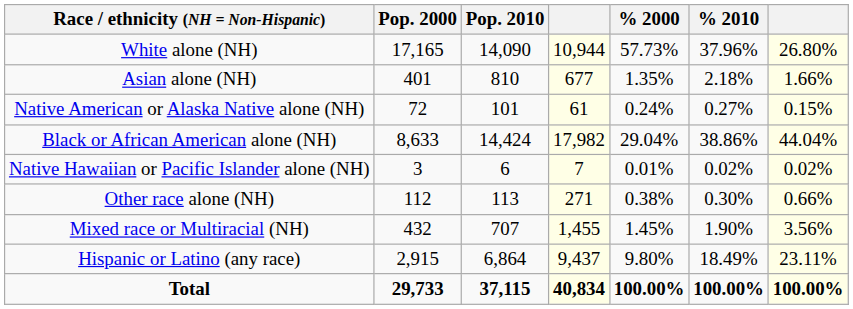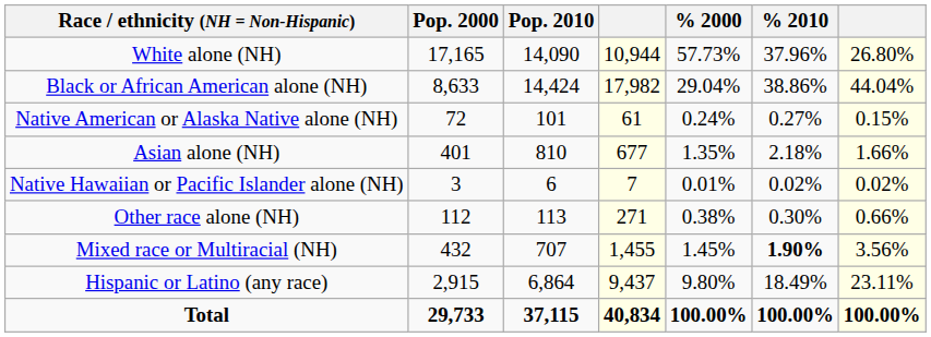 <table class="wikitable" style="text-align:center;">
 <tr>
 <th>Race / ethnicity <small>(<em>NH = Non-Hispanic</em>)</small></th>
 <th>Pop. 2000</th>
 <th>Pop. 2010</th>
 <th></th>
 <th>% 2000</th>
 <th>% 2010</th>
 <th></th>
 </tr>
 <tr>
 <td><a href='#'>White</a> alone (NH)</td>
 <td>17,165</td>
 <td>14,090</td>
 <td style='background: #ffffe6;'>10,944</td>
 <td>57.73%</td>
 <td>37.96%</td>
 <td style='background: #ffffe6;'>26.80%</td>
 </tr>
 <tr>
-<td><a href='#'>Asian</a> alone (NH)</td>
-<td>401</td>
-<td>810</td>
-<td style='background: #ffffe6;'>677</td>
-<td>1.35%</td>
-<td>2.18%</td>
-<td style='background: #ffffe6;'>1.66%</td>
+<td><a href='#'>Black or African American</a> alone (NH)</td>
+<td>8,633</td>
+<td>14,424</td>
+<td style='background: #ffffe6;'>17,982</td>
+<td>29.04%</td>
+<td>38.86%</td>
+<td style='background: #ffffe6;'>44.04%</td>
 </tr>
 <tr>
 <td><a href='#'>Native American</a> or <a href='#'>Alaska Native</a> alone (NH)</td>
 <td>72</td>
 <td>101</td>
 <td style='background: #ffffe6;'>61</td>
 <td>0.24%</td>
 <td>0.27%</td>
 <td style='background: #ffffe6;'>0.15%</td>
 </tr>
 <tr>
-<td><a href='#'>Black or African American</a> alone (NH)</td>
-<td>8,633</td>
-<td>14,424</td>
-<td style='background: #ffffe6;'>17,982</td>
-<td>29.04%</td>
-<td>38.86%</td>
-<td style='background: #ffffe6;'>44.04%</td>
+<td><a href='#'>Asian</a> alone (NH)</td>
+<td>401</td>
+<td>810</td>
+<td style='background: #ffffe6;'>677</td>
+<td>1.35%</td>
+<td>2.18%</td>
+<td style='background: #ffffe6;'>1.66%</td>
 </tr>
 <tr>
 <td><a href='#'>Native Hawaiian</a> or <a href='#'>Pacific Islander</a> alone (NH)</td>
 <td>3</td>
 <td>6</td>
 <td style='background: #ffffe6;'>7</td>
 <td>0.01%</td>
 <td>0.02%</td>
 <td style='background: #ffffe6;'>0.02%</td>
 </tr>
 <tr>
 <td><a href='#'>Other race</a> alone (NH)</td>
 <td>112</td>
 <td>113</td>
 <td style='background: #ffffe6;'>271</td>
 <td>0.38%</td>
 <td>0.30%</td>
 <td style='background: #ffffe6;'>0.66%</td>
 </tr>
 <tr>
 <td><a href='#'>Mixed race or Multiracial</a> (NH)</td>
 <td>432</td>
 <td>707</td>
 <td style='background: #ffffe6;'>1,455</td>
 <td>1.45%</td>
-<td>1.90%</td>
+<td><strong>1.90%</strong></td>
 <td style='background: #ffffe6;'>3.56%</td>
 </tr>
 <tr>
 <td><a href='#'>Hispanic or Latino</a> (any race)</td>
 <td>2,915</td>
 <td>6,864</td>
 <td style='background: #ffffe6;'>9,437</td>
 <td>9.80%</td>
 <td>18.49%</td>
 <td style='background: #ffffe6;'>23.11%</td>
 </tr>
 <tr>
 <td><strong>Total</strong></td>
 <td><strong>29,733</strong></td>
 <td><strong>37,115</strong></td>
 <td style='background: #ffffe6;'><strong>40,834</strong></td>
 <td><strong>100.00%</strong></td>
 <td><strong>100.00%</strong></td>
 <td style='background: #ffffe6;'><strong>100.00%</strong></td>
 </tr>
 </table>
